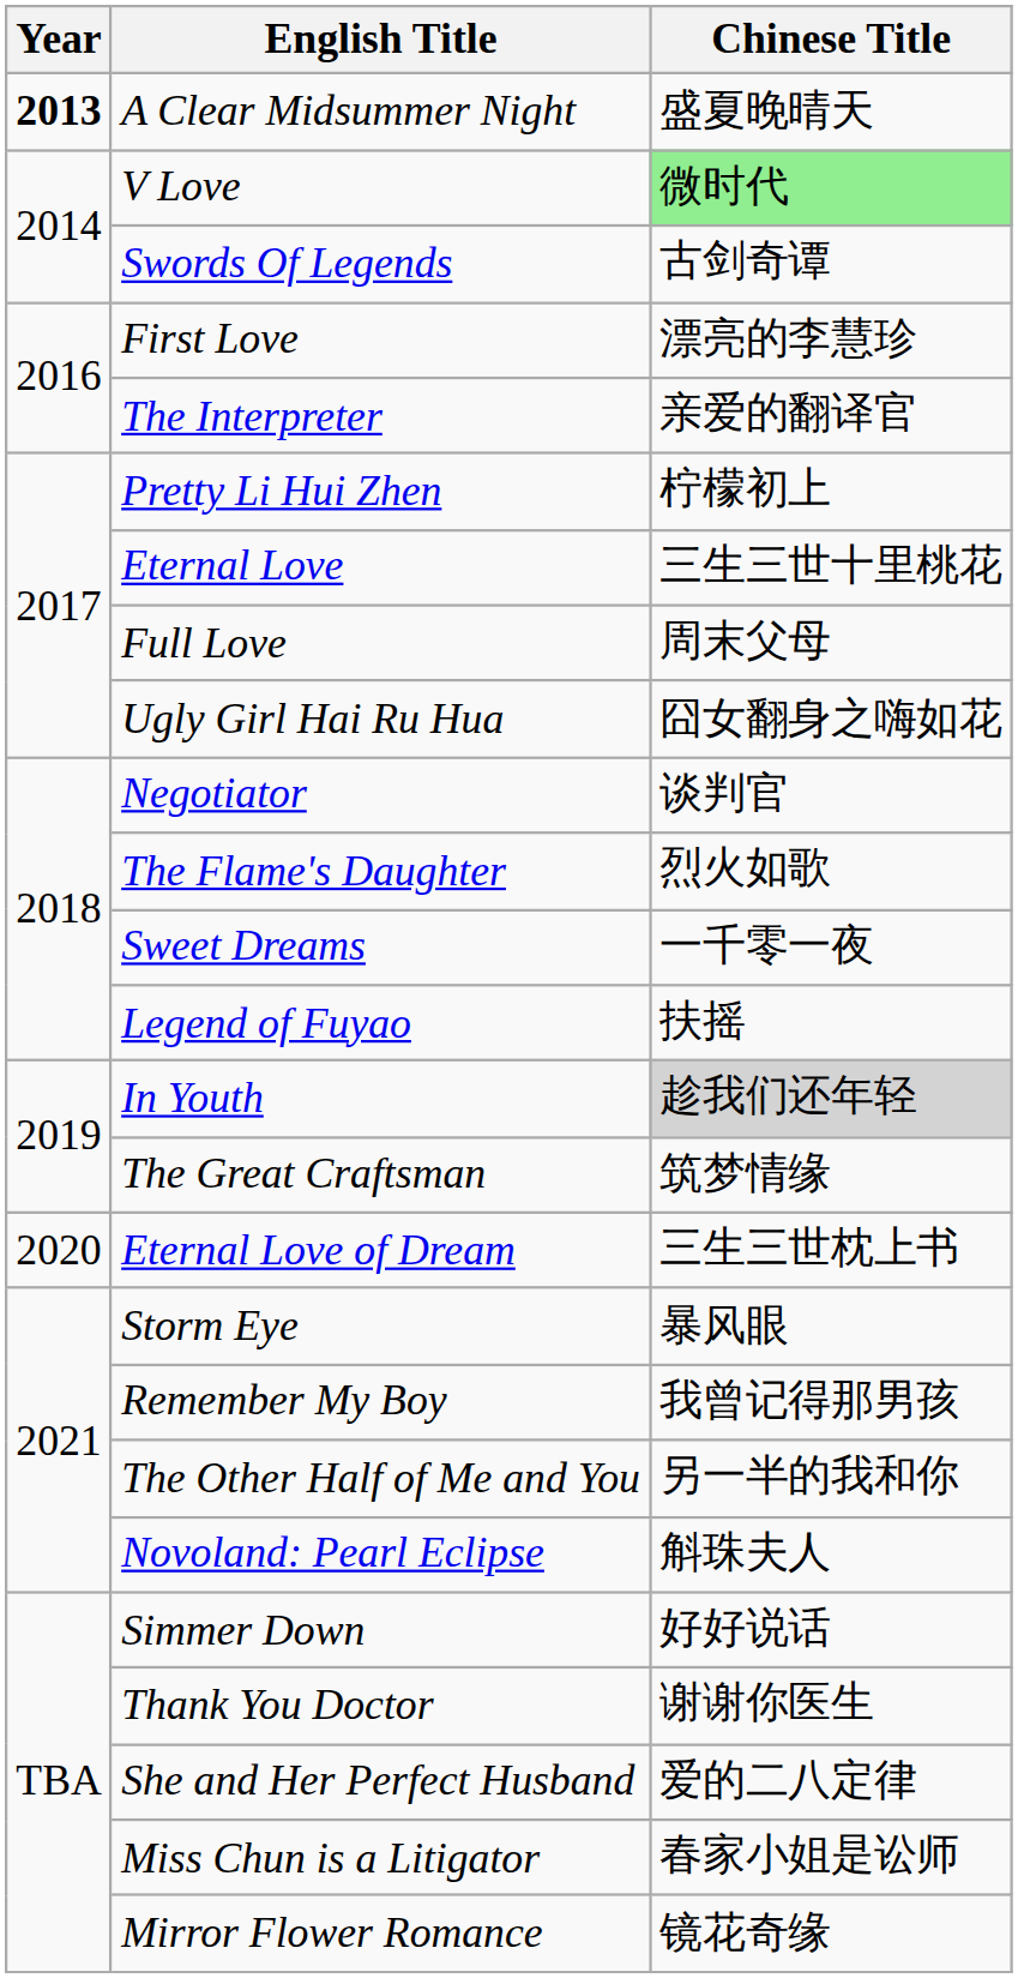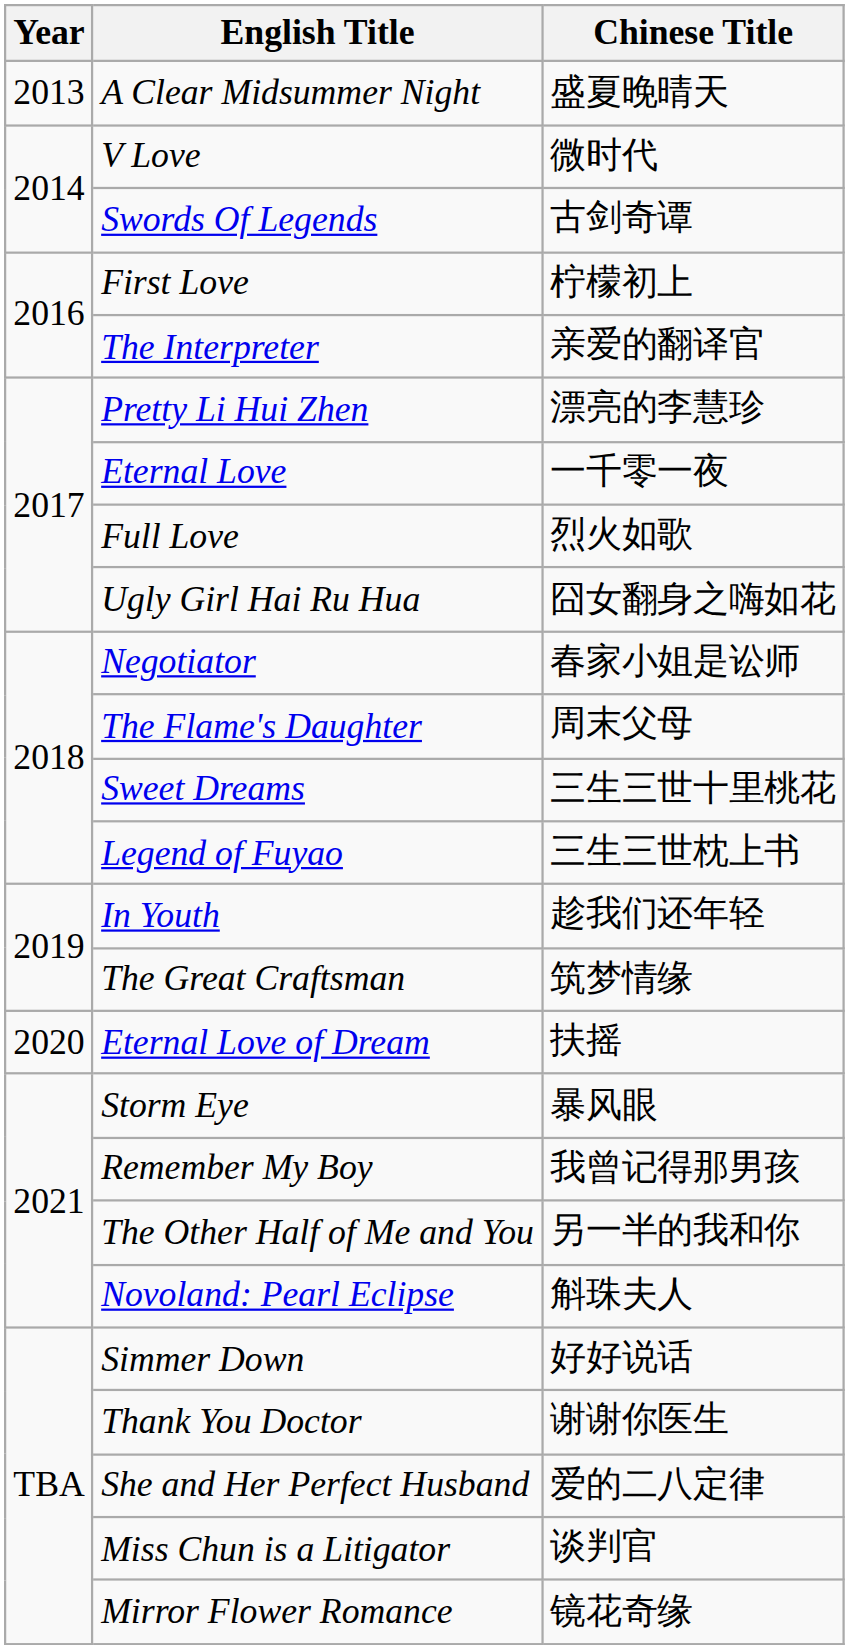 <table class="wikitable">
 <tr>
 <th>Year</th>
 <th>English Title</th>
 <th>Chinese Title</th>
 </tr>
 <tr>
-<td><strong>2013</strong></td>
+<td>2013</td>
 <td><em>A Clear Midsummer Night</em></td>
 <td>盛夏晚晴天</td>
 </tr>
 <tr>
 <td rowspan="2">2014</td>
 <td><em>V Love</em></td>
-<td style="background: lightgreen;">微时代</td>
+<td>微时代</td>
 </tr>
 <tr>
 <td><em><a href='#'>Swords Of Legends</a></em></td>
 <td>古剑奇谭</td>
 </tr>
 <tr>
 <td rowspan="2">2016</td>
 <td><em>First Love</em></td>
-<td>漂亮的李慧珍</td>
+<td>柠檬初上</td>
 </tr>
 <tr>
 <td><em><a href='#'>The Interpreter</a></em></td>
 <td>亲爱的翻译官</td>
 </tr>
 <tr>
 <td rowspan="4">2017</td>
 <td><em><a href='#'>Pretty Li Hui Zhen</a></em></td>
-<td>柠檬初上</td>
+<td>漂亮的李慧珍</td>
 </tr>
 <tr>
 <td><em><a href='#'>Eternal Love</a></em></td>
-<td>三生三世十里桃花</td>
+<td>一千零一夜</td>
 </tr>
 <tr>
 <td><em>Full Love</em></td>
-<td>周末父母</td>
+<td>烈火如歌</td>
 </tr>
 <tr>
 <td><em>Ugly Girl Hai Ru Hua</em></td>
 <td>囧女翻身之嗨如花</td>
 </tr>
 <tr>
 <td rowspan="4">2018</td>
 <td><em><a href='#'>Negotiator</a></em></td>
-<td>谈判官</td>
+<td>春家小姐是讼师</td>
 </tr>
 <tr>
 <td><em><a href='#'>The Flame's Daughter</a></em></td>
-<td>烈火如歌</td>
+<td>周末父母</td>
 </tr>
 <tr>
 <td><em><a href='#'>Sweet Dreams</a></em></td>
-<td>一千零一夜</td>
+<td>三生三世十里桃花</td>
 </tr>
 <tr>
 <td><em><a href='#'>Legend of Fuyao</a></em></td>
-<td>扶摇</td>
+<td>三生三世枕上书</td>
 </tr>
 <tr>
 <td rowspan="2">2019</td>
 <td><em><a href='#'>In Youth</a></em></td>
-<td style="background: lightgrey;">趁我们还年轻</td>
+<td>趁我们还年轻</td>
 </tr>
 <tr>
 <td><em>The Great Craftsman</em></td>
 <td>筑梦情缘</td>
 </tr>
 <tr>
 <td>2020</td>
 <td><em><a href='#'>Eternal Love of Dream</a></em></td>
-<td>三生三世枕上书</td>
+<td>扶摇</td>
 </tr>
 <tr>
 <td rowspan="4">2021</td>
 <td><em>Storm Eye</em></td>
 <td>暴风眼</td>
 </tr>
 <tr>
 <td><em>Remember My Boy</em></td>
 <td>我曾记得那男孩</td>
 </tr>
 <tr>
 <td><em>The Other Half of Me and You</em></td>
 <td>另一半的我和你</td>
 </tr>
 <tr>
 <td><em><a href='#'>Novoland: Pearl Eclipse</a></em></td>
 <td>斛珠夫人</td>
 </tr>
 <tr>
 <td rowspan="5">TBA</td>
 <td><em>Simmer Down</em></td>
 <td>好好说话</td>
 </tr>
 <tr>
 <td><em>Thank You Doctor</em></td>
 <td>谢谢你医生</td>
 </tr>
 <tr>
 <td><em>She and Her Perfect Husband</em></td>
 <td>爱的二八定律</td>
 </tr>
 <tr>
 <td><em>Miss Chun is a Litigator</em></td>
-<td>春家小姐是讼师</td>
+<td>谈判官</td>
 </tr>
 <tr>
 <td><em>Mirror Flower Romance</em></td>
 <td>镜花奇缘</td>
 </tr>
 </table>
